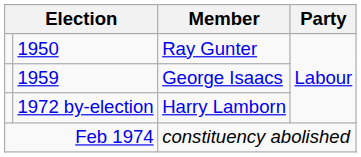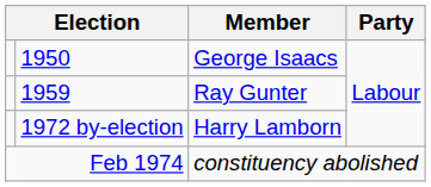 <table class="wikitable">
 <tr>
 <th colspan="2">Election</th>
 <th>Member</th>
 <th>Party</th>
 </tr>
 <tr>
 <td style="color:inherit;background-color: "></td>
 <td><a href='#'>1950</a></td>
-<td><a href='#'>Ray Gunter</a></td>
+<td><a href='#'>George Isaacs</a></td>
 <td rowspan="3"><a href='#'>Labour</a></td>
 </tr>
 <tr>
 <td style="color:inherit;background-color: "></td>
 <td><a href='#'>1959</a></td>
-<td><a href='#'>George Isaacs</a></td>
+<td><a href='#'>Ray Gunter</a></td>
 </tr>
 <tr>
 <td style="color:inherit;background-color: "></td>
 <td><a href='#'>1972 by-election</a></td>
 <td><a href='#'>Harry Lamborn</a></td>
 </tr>
 <tr>
 <td colspan="2" align="right"><a href='#'>Feb 1974</a></td>
 <td colspan="2"><em>constituency abolished</em></td>
 </tr>
 </table>
